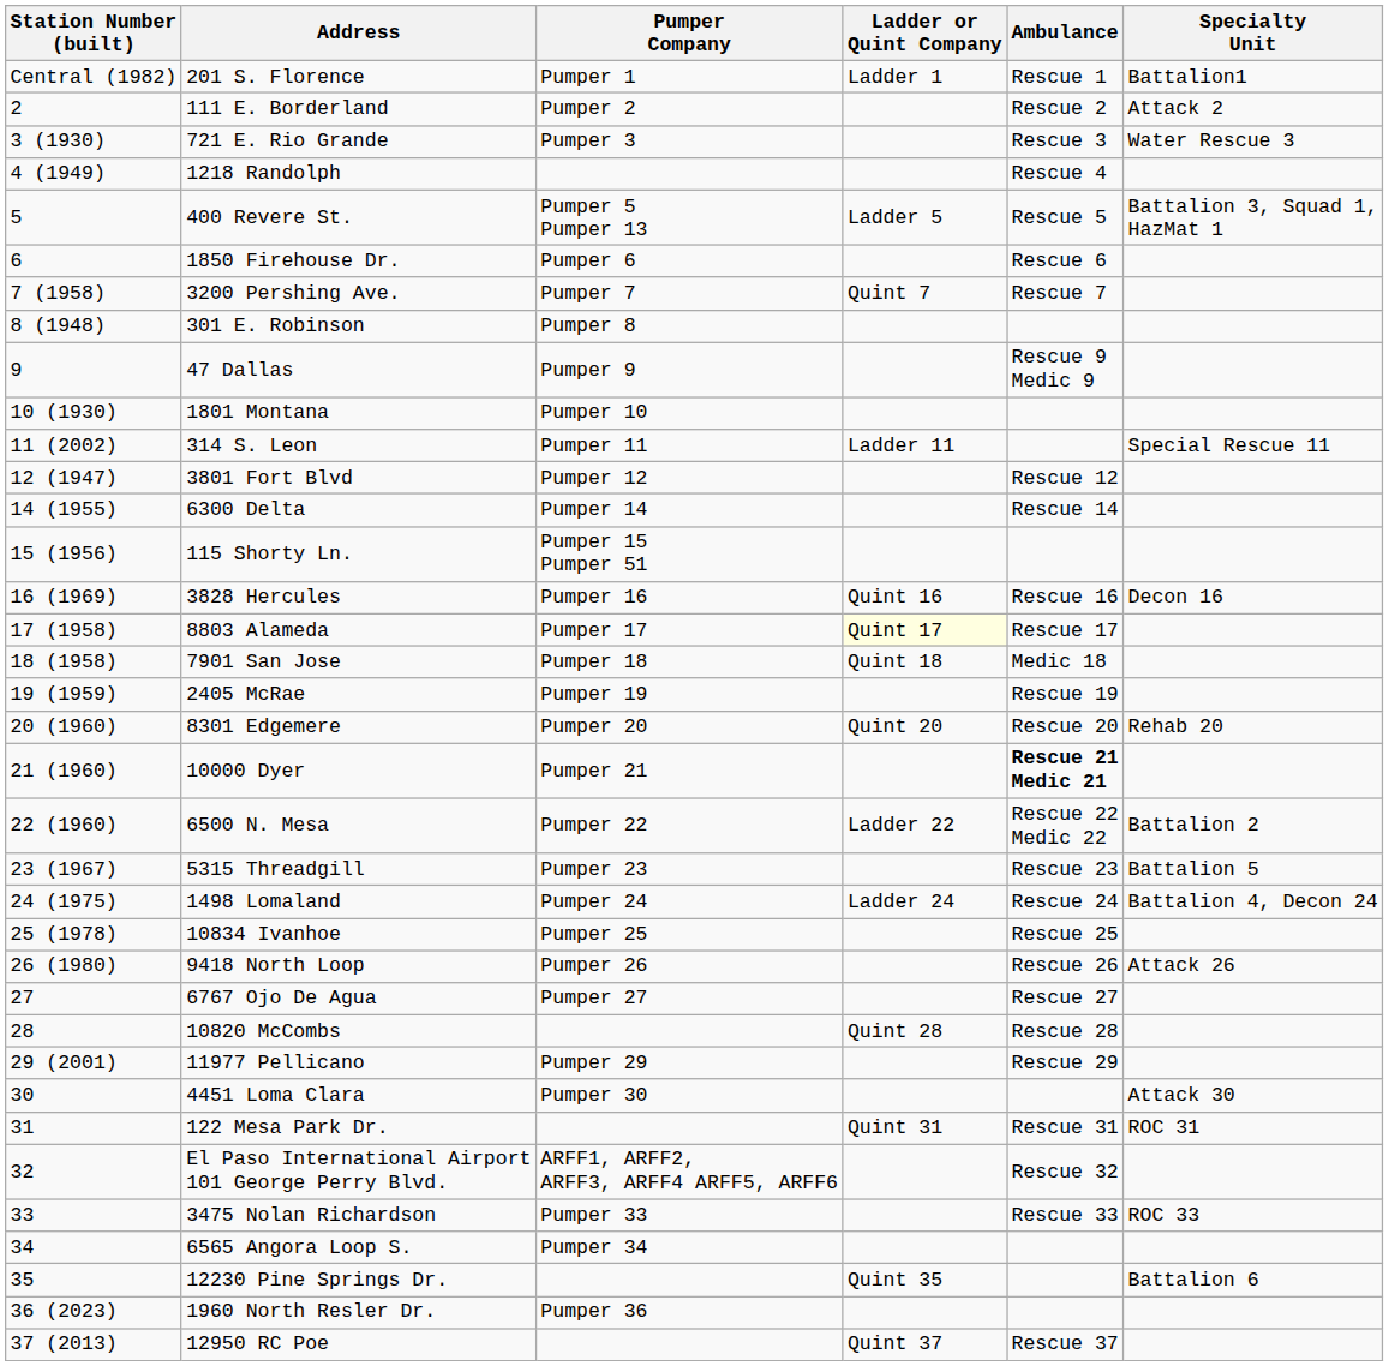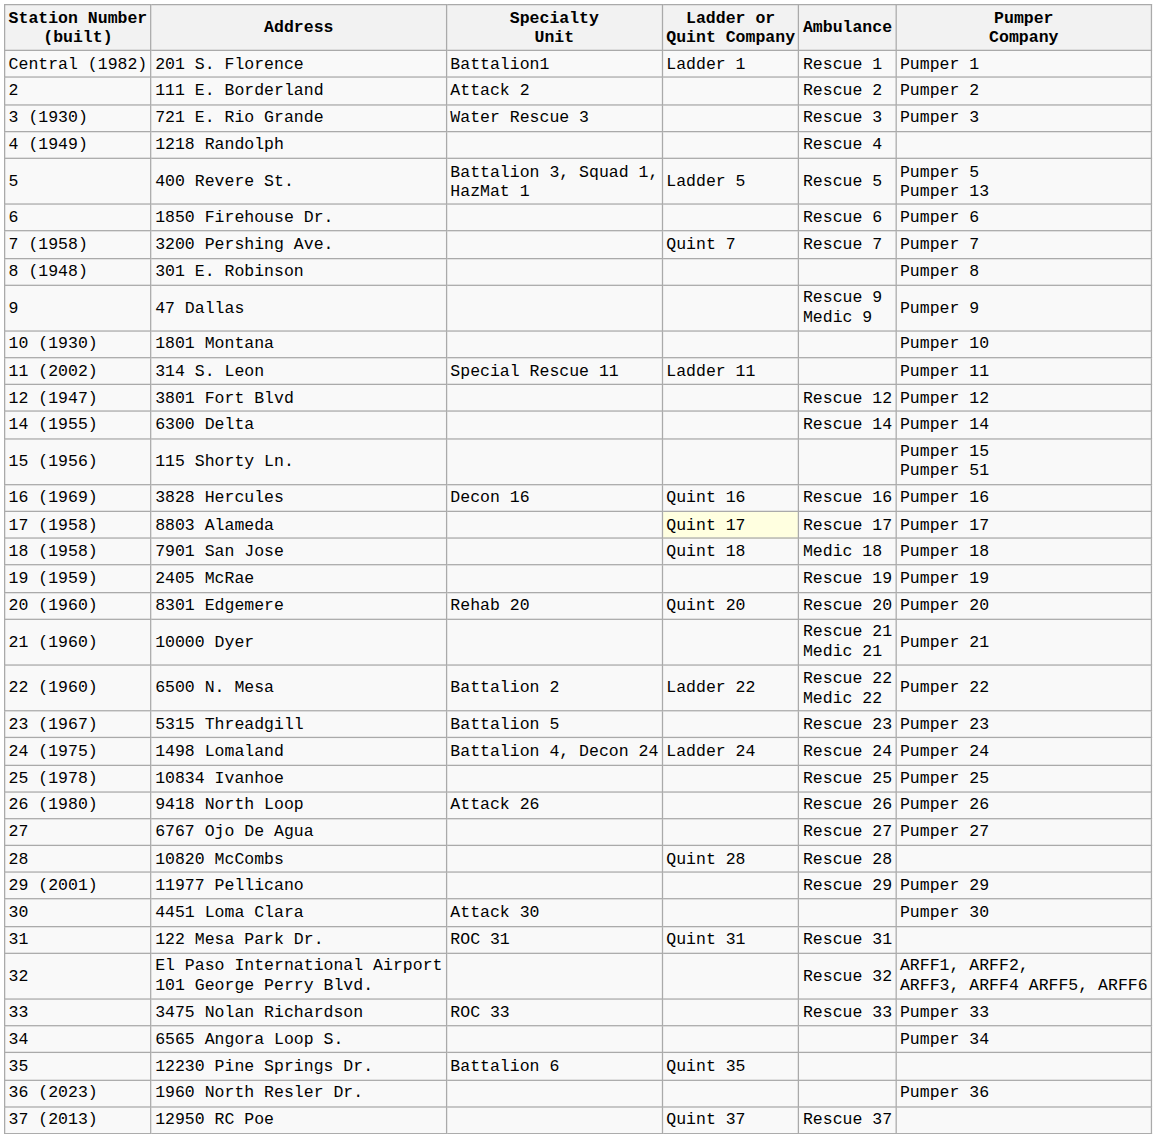 <table class="wikitable">
 <tr>
 <th>Station Number<br>(built)</th>
 <th>Address</th>
-<th>Pumper<br>Company</th>
+<th>Specialty<br>Unit</th>
 <th>Ladder or<br>Quint Company</th>
 <th>Ambulance</th>
-<th>Specialty<br>Unit</th>
+<th>Pumper<br>Company</th>
 </tr>
 <tr>
 <td>Central  (1982)</td>
 <td>201 S. Florence</td>
-<td>Pumper 1</td>
+<td>Battalion1</td>
 <td>Ladder 1</td>
 <td>Rescue 1</td>
-<td>Battalion1</td>
+<td>Pumper 1</td>
 </tr>
 <tr>
 <td>2</td>
 <td>111 E. Borderland</td>
-<td>Pumper 2</td>
+<td>Attack 2</td>
 <td></td>
 <td>Rescue 2</td>
-<td>Attack 2</td>
+<td>Pumper 2</td>
 </tr>
 <tr>
 <td>3  (1930)</td>
 <td>721 E. Rio Grande</td>
-<td>Pumper 3</td>
+<td>Water Rescue 3</td>
 <td></td>
 <td>Rescue 3</td>
-<td>Water Rescue 3</td>
+<td>Pumper 3</td>
 </tr>
 <tr>
 <td>4  (1949)</td>
 <td>1218 Randolph</td>
 <td></td>
 <td></td>
 <td>Rescue 4</td>
 <td></td>
 </tr>
 <tr>
 <td>5</td>
 <td>400 Revere St.</td>
-<td>Pumper 5<br>Pumper 13</td>
+<td>Battalion 3, Squad 1,<br>HazMat 1</td>
 <td>Ladder 5</td>
 <td>Rescue 5</td>
-<td>Battalion 3, Squad 1,<br>HazMat 1</td>
+<td>Pumper 5<br>Pumper 13</td>
 </tr>
 <tr>
 <td>6</td>
 <td>1850 Firehouse Dr.</td>
-<td>Pumper 6</td>
+<td></td>
 <td></td>
 <td>Rescue 6</td>
-<td></td>
+<td>Pumper 6</td>
 </tr>
 <tr>
 <td>7  (1958)</td>
 <td>3200 Pershing Ave.</td>
-<td>Pumper 7</td>
+<td></td>
 <td>Quint 7</td>
 <td>Rescue 7</td>
-<td></td>
+<td>Pumper 7</td>
 </tr>
 <tr>
 <td>8  (1948)</td>
 <td>301 E. Robinson</td>
-<td>Pumper 8</td>
 <td></td>
 <td></td>
 <td></td>
+<td>Pumper 8</td>
 </tr>
 <tr>
 <td>9</td>
 <td>47 Dallas</td>
-<td>Pumper 9</td>
+<td></td>
 <td></td>
 <td>Rescue 9<br>Medic 9</td>
-<td></td>
+<td>Pumper 9</td>
 </tr>
 <tr>
 <td>10  (1930)</td>
 <td>1801 Montana</td>
-<td>Pumper 10</td>
 <td></td>
 <td></td>
 <td></td>
+<td>Pumper 10</td>
 </tr>
 <tr>
 <td>11  (2002)</td>
 <td>314 S. Leon</td>
-<td>Pumper 11</td>
+<td>Special Rescue 11</td>
 <td>Ladder 11</td>
 <td></td>
-<td>Special Rescue 11</td>
+<td>Pumper 11</td>
 </tr>
 <tr>
 <td>12  (1947)</td>
 <td>3801 Fort Blvd</td>
-<td>Pumper 12</td>
+<td></td>
 <td></td>
 <td>Rescue 12</td>
-<td></td>
+<td>Pumper 12</td>
 </tr>
 <tr>
 <td>14  (1955)</td>
 <td>6300 Delta</td>
-<td>Pumper 14</td>
+<td></td>
 <td></td>
 <td>Rescue 14</td>
-<td></td>
+<td>Pumper 14</td>
 </tr>
 <tr>
 <td>15  (1956)</td>
 <td>115 Shorty Ln.</td>
-<td>Pumper 15<br>Pumper 51</td>
 <td></td>
 <td></td>
 <td></td>
+<td>Pumper 15<br>Pumper 51</td>
 </tr>
 <tr>
 <td>16  (1969)</td>
 <td>3828 Hercules</td>
-<td>Pumper 16</td>
+<td>Decon 16</td>
 <td>Quint 16</td>
 <td>Rescue 16</td>
-<td>Decon 16</td>
+<td>Pumper 16</td>
 </tr>
 <tr>
 <td>17  (1958)</td>
 <td>8803 Alameda</td>
-<td>Pumper 17</td>
+<td></td>
 <td style="background: lightyellow;">Quint 17</td>
 <td>Rescue 17</td>
-<td></td>
+<td>Pumper 17</td>
 </tr>
 <tr>
 <td>18  (1958)</td>
 <td>7901 San Jose</td>
-<td>Pumper 18</td>
+<td></td>
 <td>Quint 18</td>
 <td>Medic 18</td>
-<td></td>
+<td>Pumper 18</td>
 </tr>
 <tr>
 <td>19  (1959)</td>
 <td>2405 McRae</td>
-<td>Pumper 19</td>
+<td></td>
 <td></td>
 <td>Rescue 19</td>
-<td></td>
+<td>Pumper 19</td>
 </tr>
 <tr>
 <td>20  (1960)</td>
 <td>8301 Edgemere</td>
-<td>Pumper 20</td>
+<td>Rehab 20</td>
 <td>Quint 20</td>
 <td>Rescue 20</td>
-<td>Rehab 20</td>
+<td>Pumper 20</td>
 </tr>
 <tr>
 <td>21  (1960)</td>
 <td>10000 Dyer</td>
+<td></td>
+<td></td>
+<td>Rescue 21<br>Medic 21</td>
 <td>Pumper 21</td>
-<td></td>
-<td><strong>Rescue 21<br>Medic 21</strong></td>
-<td></td>
 </tr>
 <tr>
 <td>22  (1960)</td>
 <td>6500 N. Mesa</td>
-<td>Pumper 22</td>
+<td>Battalion 2</td>
 <td>Ladder 22</td>
 <td>Rescue 22<br>Medic 22</td>
-<td>Battalion 2</td>
+<td>Pumper 22</td>
 </tr>
 <tr>
 <td>23  (1967)</td>
 <td>5315 Threadgill</td>
-<td>Pumper 23</td>
+<td>Battalion 5</td>
 <td></td>
 <td>Rescue 23</td>
-<td>Battalion 5</td>
+<td>Pumper 23</td>
 </tr>
 <tr>
 <td>24  (1975)</td>
 <td>1498 Lomaland</td>
-<td>Pumper 24</td>
+<td>Battalion 4, Decon 24</td>
 <td>Ladder 24</td>
 <td>Rescue 24</td>
-<td>Battalion 4, Decon 24</td>
+<td>Pumper 24</td>
 </tr>
 <tr>
 <td>25  (1978)</td>
 <td>10834 Ivanhoe</td>
-<td>Pumper 25</td>
+<td></td>
 <td></td>
 <td>Rescue 25</td>
-<td></td>
+<td>Pumper 25</td>
 </tr>
 <tr>
 <td>26  (1980)</td>
 <td>9418 North Loop</td>
-<td>Pumper 26</td>
+<td>Attack 26</td>
 <td></td>
 <td>Rescue 26</td>
-<td>Attack 26</td>
+<td>Pumper 26</td>
 </tr>
 <tr>
 <td>27</td>
 <td>6767 Ojo De Agua</td>
-<td>Pumper 27</td>
+<td></td>
 <td></td>
 <td>Rescue 27</td>
-<td></td>
+<td>Pumper 27</td>
 </tr>
 <tr>
 <td>28</td>
 <td>10820 McCombs</td>
 <td></td>
 <td>Quint 28</td>
 <td>Rescue 28</td>
 <td></td>
 </tr>
 <tr>
 <td>29  (2001)</td>
 <td>11977 Pellicano</td>
-<td>Pumper 29</td>
+<td></td>
 <td></td>
 <td>Rescue 29</td>
-<td></td>
+<td>Pumper 29</td>
 </tr>
 <tr>
 <td>30</td>
 <td>4451 Loma Clara</td>
-<td>Pumper 30</td>
+<td>Attack 30</td>
 <td></td>
 <td></td>
-<td>Attack 30</td>
+<td>Pumper 30</td>
 </tr>
 <tr>
 <td>31</td>
 <td>122 Mesa Park Dr.</td>
-<td></td>
+<td>ROC 31</td>
 <td>Quint 31</td>
 <td>Rescue 31</td>
-<td>ROC 31</td>
+<td></td>
 </tr>
 <tr>
 <td>32</td>
 <td>El Paso International Airport<br>101 George Perry Blvd.</td>
-<td>ARFF1, ARFF2,<br>ARFF3, ARFF4 ARFF5, ARFF6</td>
+<td></td>
 <td></td>
 <td>Rescue 32</td>
-<td></td>
+<td>ARFF1, ARFF2,<br>ARFF3, ARFF4 ARFF5, ARFF6</td>
 </tr>
 <tr>
 <td>33</td>
 <td>3475 Nolan Richardson</td>
-<td>Pumper 33</td>
+<td>ROC 33</td>
 <td></td>
 <td>Rescue 33</td>
-<td>ROC 33</td>
+<td>Pumper 33</td>
 </tr>
 <tr>
 <td>34</td>
 <td>6565 Angora Loop S.</td>
+<td></td>
+<td></td>
+<td></td>
 <td>Pumper 34</td>
-<td></td>
+</tr>
+<tr>
+<td>35</td>
+<td>12230 Pine Springs Dr.</td>
+<td>Battalion 6</td>
+<td>Quint 35</td>
 <td></td>
 <td></td>
 </tr>
 <tr>
-<td>35</td>
-<td>12230 Pine Springs Dr.</td>
-<td></td>
-<td>Quint 35</td>
-<td></td>
-<td>Battalion 6</td>
-</tr>
-<tr>
 <td>36  (2023)</td>
 <td>1960 North Resler Dr.</td>
-<td>Pumper 36</td>
 <td></td>
 <td></td>
 <td></td>
+<td>Pumper 36</td>
 </tr>
 <tr>
 <td>37  (2013)</td>
 <td>12950 RC Poe</td>
 <td></td>
 <td>Quint 37</td>
 <td>Rescue 37</td>
 <td></td>
 </tr>
 </table>
